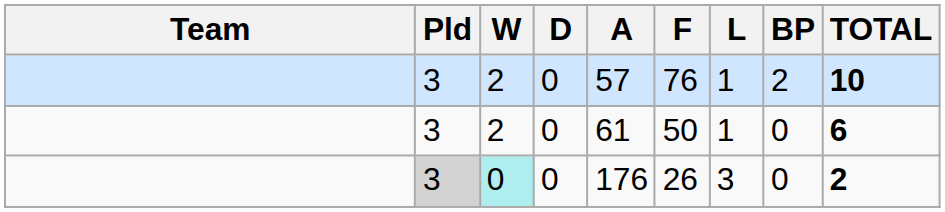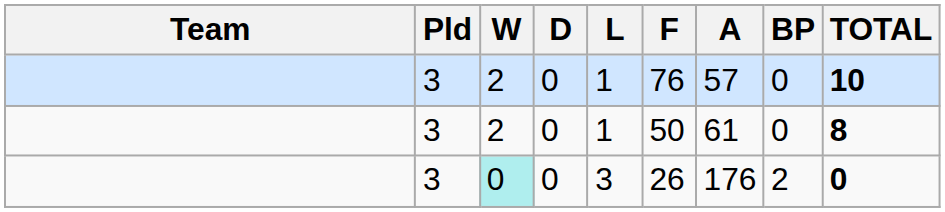 <table class="wikitable">
 <tr border=1 cellpadding=5 cellspacing=0>
 <th width="200">Team</th>
 <th width="20">Pld</th>
 <th width="20">W</th>
 <th width="20">D</th>
+<th width="20">L</th>
+<th width="20">F</th>
 <th width="20">A</th>
-<th width="20">F</th>
-<th width="20">L</th>
 <th width="20">BP</th>
 <th width="20">TOTAL</th>
 </tr>
 <tr style="background: #D0E6FF;">
 <td align=left></td>
 <td>3</td>
 <td>2</td>
 <td>0</td>
+<td>1</td>
+<td>76</td>
 <td>57</td>
-<td>76</td>
-<td>1</td>
-<td>2</td>
+<td>0</td>
 <td><strong>10</strong></td>
 </tr>
 <tr>
 <td align=left></td>
 <td>3</td>
 <td>2</td>
 <td>0</td>
+<td>1</td>
+<td>50</td>
 <td>61</td>
-<td>50</td>
-<td>1</td>
 <td>0</td>
-<td><strong>6</strong></td>
+<td><strong>8</strong></td>
 </tr>
 <tr>
 <td align=left></td>
-<td style="background: lightgrey;">3</td>
+<td>3</td>
 <td style="background: paleturquoise;">0</td>
 <td>0</td>
+<td>3</td>
+<td>26</td>
 <td>176</td>
-<td>26</td>
-<td>3</td>
-<td>0</td>
-<td><strong>2</strong></td>
+<td>2</td>
+<td><strong>0</strong></td>
 </tr>
 </table>
